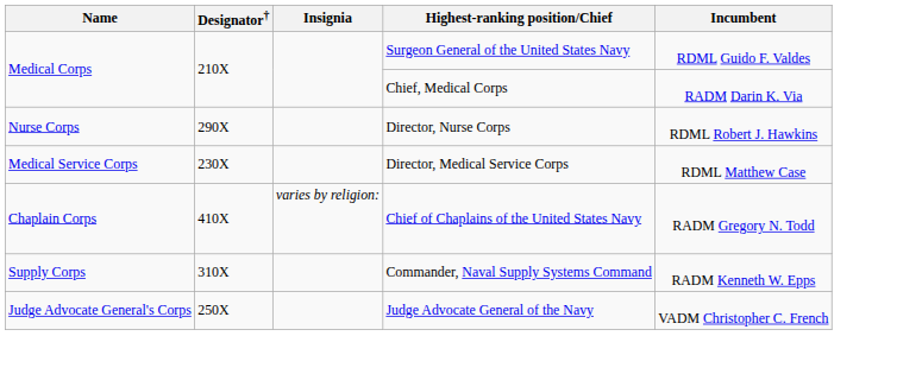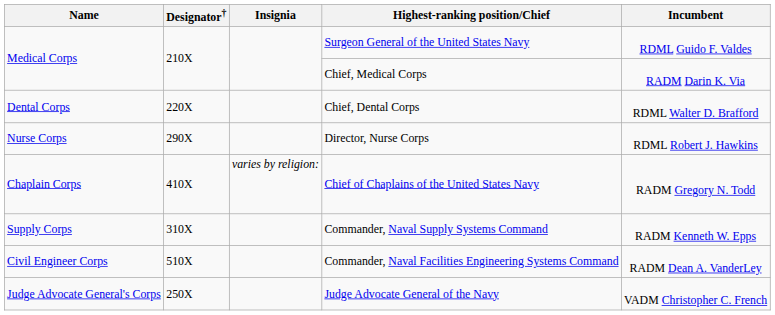 <table class="wikitable">
 <tr>
 <th>Name</th>
 <th>Designator<sup>†</sup></th>
 <th>Insignia</th>
 <th>Highest-ranking position/Chief</th>
 <th>Incumbent</th>
 </tr>
 <tr>
 <td rowspan="2"><a href='#'>Medical Corps</a></td>
 <td rowspan="2">210X</td>
 <td rowspan="2" align="center"></td>
 <td><a href='#'>Surgeon General of the United States Navy</a></td>
 <td align="center"><br><a href='#'>RDML</a> <a href='#'>Guido F. Valdes</a></td>
 </tr>
 <tr>
 <td>Chief, Medical Corps</td>
 <td align="center"><br><a href='#'>RADM</a> <a href='#'>Darin K. Via</a></td>
 </tr>
 <tr>
+<td><a href='#'>Dental Corps</a></td>
+<td>220X</td>
+<td align="center"></td>
+<td>Chief, Dental Corps</td>
+<td align="center"><br>RDML <a href='#'>Walter D. Brafford</a></td>
+</tr>
+<tr>
 <td><a href='#'>Nurse Corps</a></td>
 <td>290X</td>
 <td align="center"></td>
 <td>Director, Nurse Corps</td>
 <td align="center"><br>RDML <a href='#'>Robert J. Hawkins</a></td>
-</tr>
-<tr>
-<td><a href='#'>Medical Service Corps</a></td>
-<td>230X</td>
-<td align="center"></td>
-<td>Director, Medical Service Corps</td>
-<td align="center"><br>RDML <a href='#'>Matthew Case</a></td>
 </tr>
 <tr>
 <td><a href='#'>Chaplain Corps</a></td>
 <td>410X</td>
 <td align="center"><em>varies by religion:</em><br> <br> <br> <br></td>
 <td><a href='#'>Chief of Chaplains of the United States Navy</a></td>
 <td align="center"><br>RADM <a href='#'>Gregory N. Todd</a></td>
 </tr>
 <tr>
 <td><a href='#'>Supply Corps</a></td>
 <td>310X</td>
 <td align="center"></td>
 <td>Commander, <a href='#'>Naval Supply Systems Command</a></td>
 <td align="center"><br>RADM <a href='#'>Kenneth W. Epps</a></td>
 </tr>
 <tr>
+<td><a href='#'>Civil Engineer Corps</a></td>
+<td>510X</td>
+<td align="center"></td>
+<td>Commander, <a href='#'>Naval Facilities Engineering Systems Command</a></td>
+<td align="center"><br>RADM <a href='#'>Dean A. VanderLey</a></td>
+</tr>
+<tr>
 <td><a href='#'>Judge Advocate General's Corps</a></td>
 <td>250X</td>
 <td align="center"></td>
 <td><a href='#'>Judge Advocate General of the Navy</a></td>
 <td align="center"><br>VADM <a href='#'>Christopher C. French</a></td>
 </tr>
 </table>
